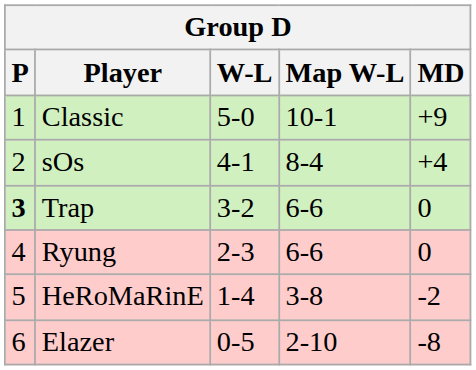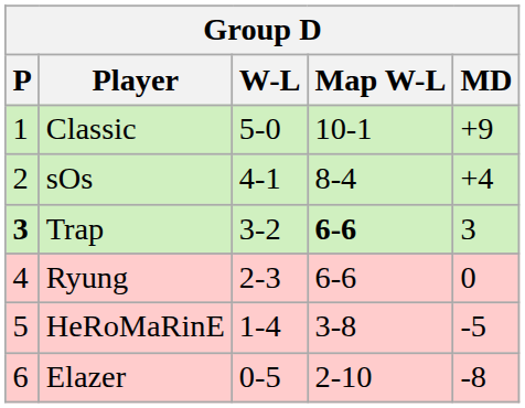 <table class="wikitable" style="display: inline-table;">
 <tr>
 <th colspan="5">Group D</th>
 </tr>
 <tr>
 <th>P</th>
 <th>Player</th>
 <th>W-L</th>
 <th>Map W-L</th>
 <th>MD</th>
 </tr>
 <tr style="background: #D0F0C0;">
 <td>1</td>
 <td>Classic</td>
 <td>5-0</td>
 <td>10-1</td>
 <td>+9</td>
 </tr>
 <tr style="background: #D0F0C0;">
 <td>2</td>
 <td>sOs</td>
 <td>4-1</td>
 <td>8-4</td>
 <td>+4</td>
 </tr>
 <tr style="background: #D0F0C0;">
 <td><strong>3</strong></td>
 <td>Trap</td>
 <td>3-2</td>
-<td>6-6</td>
-<td>0</td>
+<td><strong>6-6</strong></td>
+<td>3</td>
 </tr>
 <tr style="background: #FFCCCC;">
 <td>4</td>
 <td>Ryung</td>
 <td>2-3</td>
 <td>6-6</td>
 <td>0</td>
 </tr>
 <tr style="background: #FFCCCC;">
 <td>5</td>
 <td>HeRoMaRinE</td>
 <td>1-4</td>
 <td>3-8</td>
-<td>-2</td>
+<td>-5</td>
 </tr>
 <tr style="background: #FFCCCC;">
 <td>6</td>
 <td>Elazer</td>
 <td>0-5</td>
 <td>2-10</td>
 <td>-8</td>
 </tr>
 </table>
